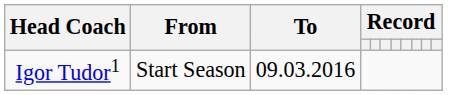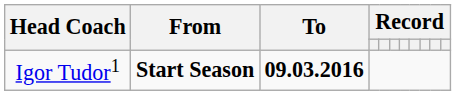 <table class="wikitable" style="text-align: center">
 <tr>
 <th rowspan=2>Head Coach</th>
 <th rowspan=2>From</th>
 <th rowspan=2>To</th>
 <th colspan=8>Record</th>
 </tr>
 <tr>
 <th></th>
 <th></th>
 <th></th>
 <th></th>
 <th></th>
 <th></th>
 <th></th>
 <th></th>
 </tr>
 <tr>
 <td> <a href='#'>Igor Tudor</a><sup>1</sup></td>
-<td>Start Season</td>
-<td>09.03.2016<br></td>
+<td><strong>Start Season</strong></td>
+<td><strong>09.03.2016<br></strong></td>
 </tr>
 </table>
